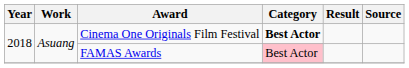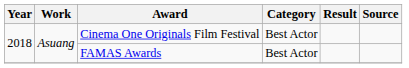 <table class="wikitable">
 <tr>
 <th>Year</th>
 <th>Work</th>
 <th>Award</th>
 <th>Category</th>
 <th>Result</th>
 <th>Source </th>
 </tr>
 <tr>
 <td rowspan = "2">2018</td>
 <td rowspan = "2"><em>Asuang</em></td>
 <td><a href='#'>Cinema One Originals</a> Film Festival</td>
-<td><strong>Best Actor</strong></td>
+<td>Best Actor</td>
 <td></td>
 <td></td>
 </tr>
 <tr>
 <td><a href='#'>FAMAS Awards</a></td>
-<td style="background: pink;">Best Actor</td>
+<td>Best Actor</td>
 <td></td>
 <td></td>
 </tr>
 <tr>
 </tr>
 </table>
